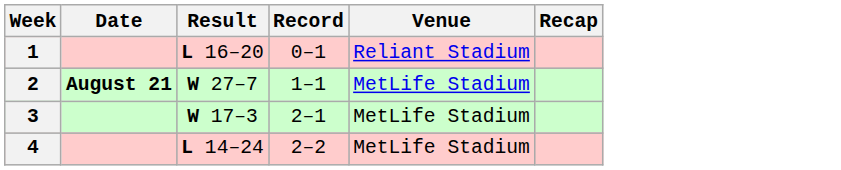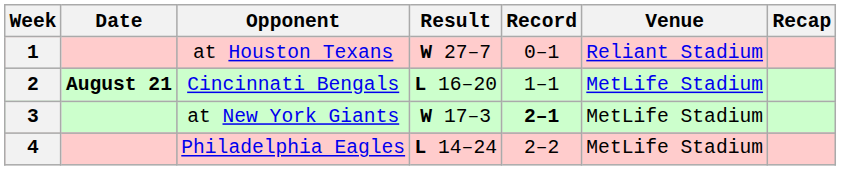 <table class="wikitable" style="text-align:center">
 <tr>
 <th>Week</th>
 <th>Date</th>
+<th>Opponent</th>
 <th>Result</th>
 <th>Record</th>
 <th>Venue</th>
 <th>Recap</th>
 </tr>
 <tr style="background:#fcc">
 <th>1</th>
 <td></td>
-<td><strong>L</strong> 16–20</td>
+<td>at <a href='#'>Houston Texans</a></td>
+<td><strong>W</strong> 27–7</td>
 <td>0–1</td>
 <td><a href='#'>Reliant Stadium</a></td>
 <td></td>
 </tr>
 <tr style="background:#cfc">
 <th>2</th>
 <td><strong>August 21</strong></td>
-<td><strong>W</strong> 27–7</td>
+<td><a href='#'>Cincinnati Bengals</a></td>
+<td><strong>L</strong> 16–20</td>
 <td>1–1</td>
 <td><a href='#'>MetLife Stadium</a></td>
 <td></td>
 </tr>
 <tr style="background:#cfc">
 <th>3</th>
 <td></td>
+<td>at <a href='#'>New York Giants</a></td>
 <td><strong>W</strong> 17–3</td>
-<td>2–1</td>
+<td><strong>2–1</strong></td>
 <td>MetLife Stadium</td>
 <td></td>
 </tr>
 <tr style="background:#fcc">
 <th>4</th>
 <td></td>
+<td><a href='#'>Philadelphia Eagles</a></td>
 <td><strong>L</strong> 14–24</td>
 <td>2–2</td>
 <td>MetLife Stadium</td>
 <td></td>
 </tr>
 </table>
